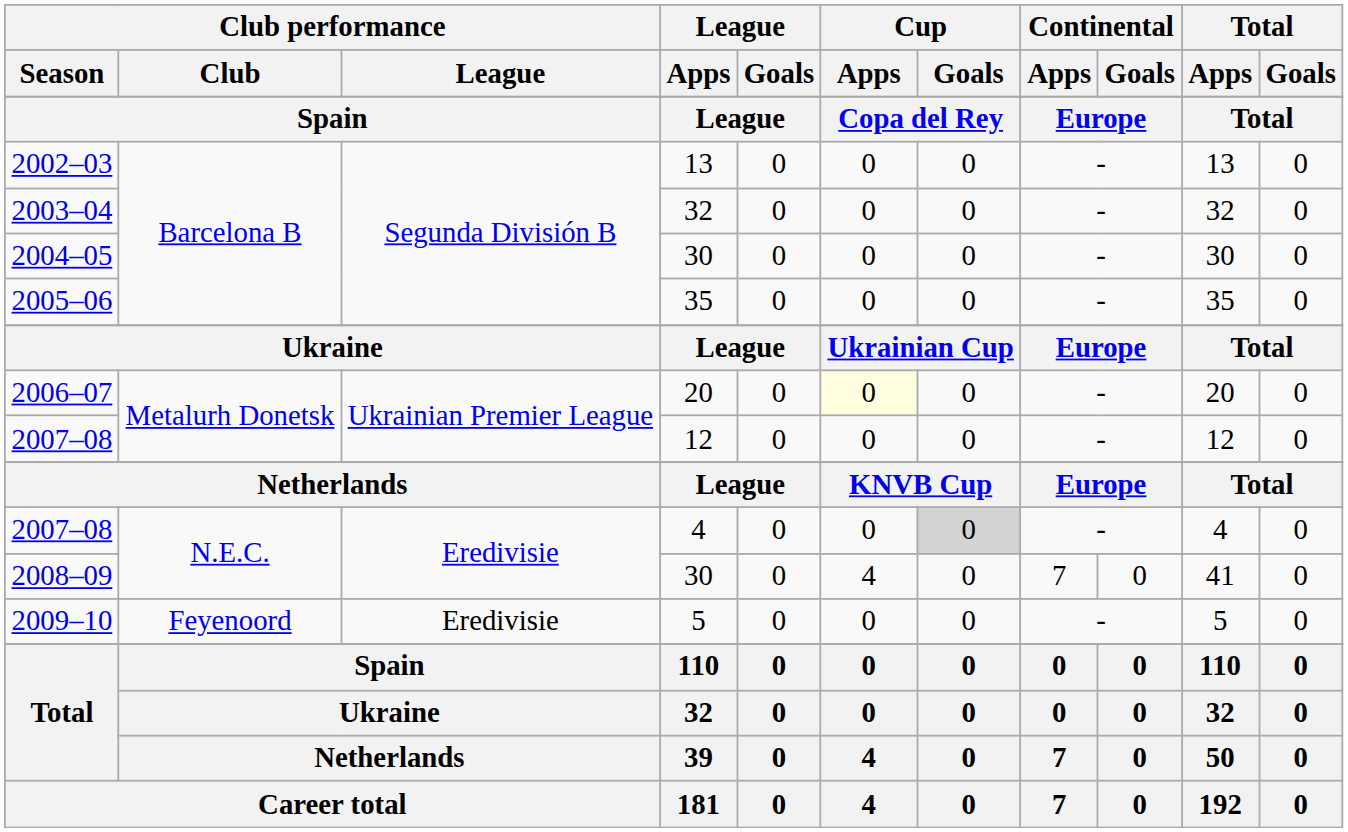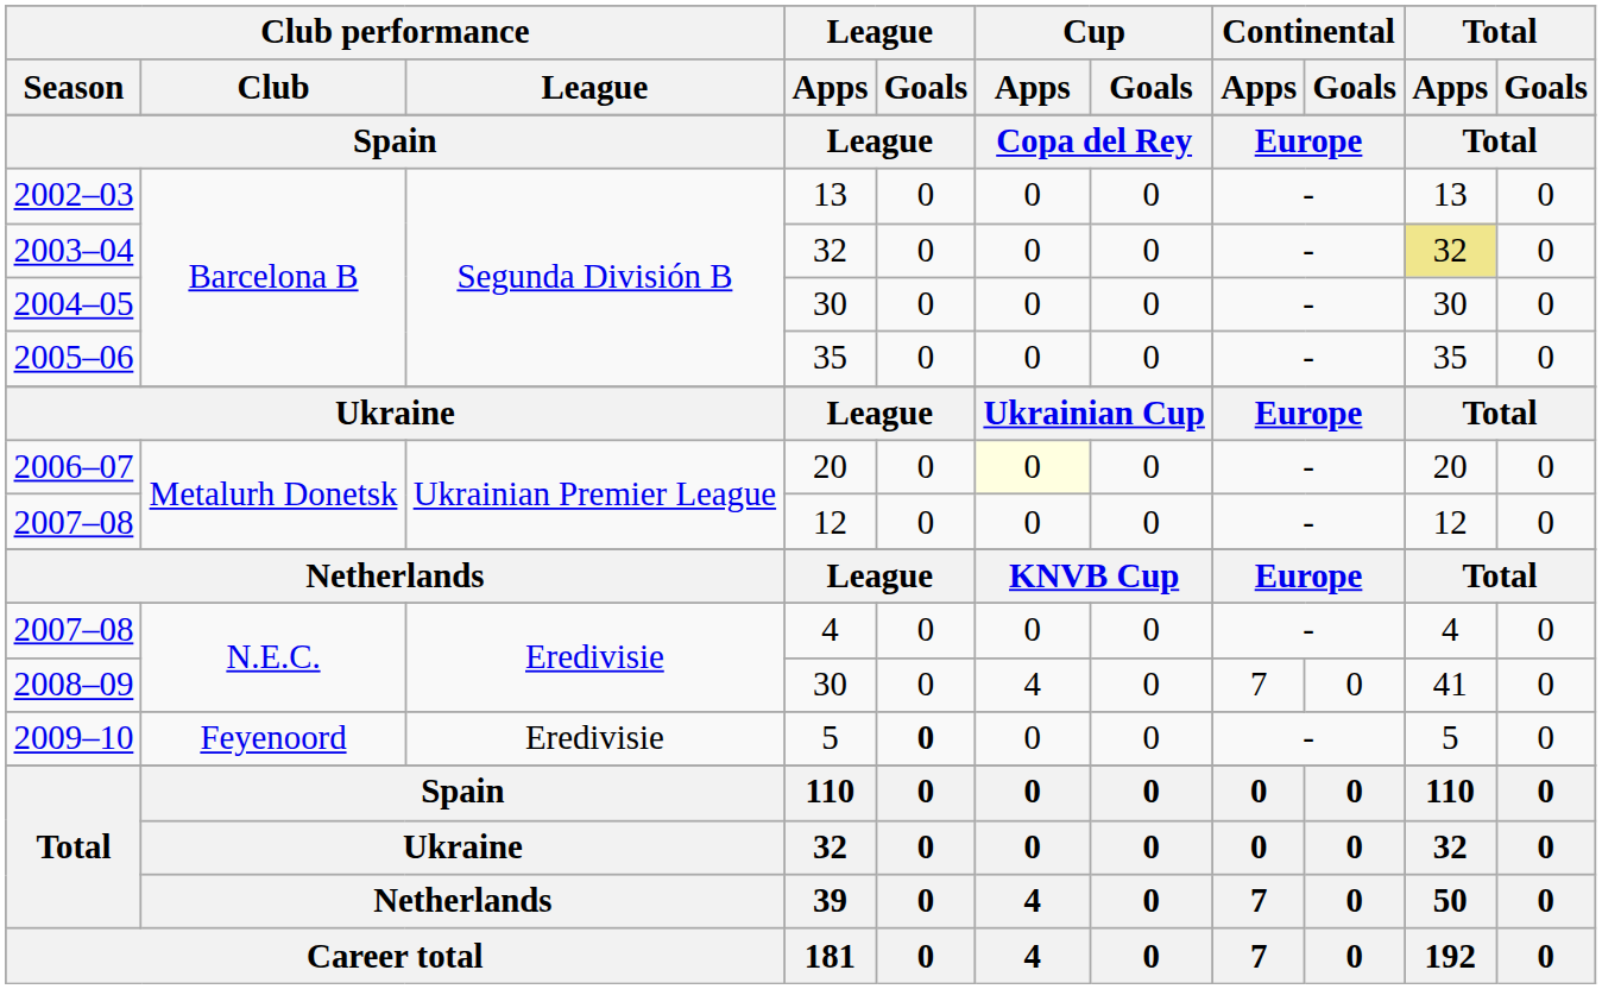 <table class="wikitable" style="text-align:center">
 <tr>
 <th colspan=3>Club performance</th>
 <th colspan=2>League</th>
 <th colspan=2>Cup</th>
 <th colspan=2>Continental</th>
 <th colspan=2>Total</th>
 </tr>
 <tr>
 <th>Season</th>
 <th>Club</th>
 <th>League</th>
 <th>Apps</th>
 <th>Goals</th>
 <th>Apps</th>
 <th>Goals</th>
 <th>Apps</th>
 <th>Goals</th>
 <th>Apps</th>
 <th>Goals</th>
 </tr>
 <tr>
 </tr>
 <tr>
 <th colspan=3>Spain</th>
 <th colspan=2>League</th>
 <th colspan=2><a href='#'>Copa del Rey</a></th>
 <th colspan=2><a href='#'>Europe</a></th>
 <th colspan=2>Total</th>
 </tr>
 <tr>
 <td><a href='#'>2002–03</a></td>
 <td rowspan="4"><a href='#'>Barcelona B</a></td>
 <td rowspan="4"><a href='#'>Segunda División B</a></td>
 <td>13</td>
 <td>0</td>
 <td>0</td>
 <td>0</td>
 <td colspan="2">-</td>
 <td>13</td>
 <td>0</td>
 </tr>
 <tr>
 <td><a href='#'>2003–04</a></td>
 <td>32</td>
 <td>0</td>
 <td>0</td>
 <td>0</td>
 <td colspan="2">-</td>
-<td>32</td>
+<td style="background: khaki;">32</td>
 <td>0</td>
 </tr>
 <tr>
 <td><a href='#'>2004–05</a></td>
 <td>30</td>
 <td>0</td>
 <td>0</td>
 <td>0</td>
 <td colspan="2">-</td>
 <td>30</td>
 <td>0</td>
 </tr>
 <tr>
 <td><a href='#'>2005–06</a></td>
 <td>35</td>
 <td>0</td>
 <td>0</td>
 <td>0</td>
 <td colspan="2">-</td>
 <td>35</td>
 <td>0</td>
 </tr>
 <tr>
 </tr>
 <tr>
 <th colspan=3>Ukraine</th>
 <th colspan=2>League</th>
 <th colspan=2><a href='#'>Ukrainian Cup</a></th>
 <th colspan=2><a href='#'>Europe</a></th>
 <th colspan=2>Total</th>
 </tr>
 <tr>
 <td><a href='#'>2006–07</a></td>
 <td rowspan="2"><a href='#'>Metalurh Donetsk</a></td>
 <td rowspan="2"><a href='#'>Ukrainian Premier League</a></td>
 <td>20</td>
 <td>0</td>
 <td style="background: lightyellow;">0</td>
 <td>0</td>
 <td colspan="2">-</td>
 <td>20</td>
 <td>0</td>
 </tr>
 <tr>
 <td><a href='#'>2007–08</a></td>
 <td>12</td>
 <td>0</td>
 <td>0</td>
 <td>0</td>
 <td colspan="2">-</td>
 <td>12</td>
 <td>0</td>
 </tr>
 <tr>
 </tr>
 <tr>
 <th colspan=3>Netherlands</th>
 <th colspan=2>League</th>
 <th colspan=2><a href='#'>KNVB Cup</a></th>
 <th colspan=2><a href='#'>Europe</a></th>
 <th colspan=2>Total</th>
 </tr>
 <tr>
 <td><a href='#'>2007–08</a></td>
 <td rowspan="2"><a href='#'>N.E.C.</a></td>
 <td rowspan="2"><a href='#'>Eredivisie</a></td>
 <td>4</td>
 <td>0</td>
 <td>0</td>
-<td style="background: lightgrey;">0</td>
+<td>0</td>
 <td colspan="2">-</td>
 <td>4</td>
 <td>0</td>
 </tr>
 <tr>
 <td><a href='#'>2008–09</a></td>
 <td>30</td>
 <td>0</td>
 <td>4</td>
 <td>0</td>
 <td>7</td>
 <td>0</td>
 <td>41</td>
 <td>0</td>
 </tr>
 <tr>
 <td><a href='#'>2009–10</a></td>
 <td rowspan="1"><a href='#'>Feyenoord</a></td>
 <td rowspan="1">Eredivisie</td>
 <td>5</td>
-<td>0</td>
+<td><strong>0</strong></td>
 <td>0</td>
 <td>0</td>
 <td colspan="2">-</td>
 <td>5</td>
 <td>0</td>
 </tr>
 <tr>
 </tr>
 <tr>
 <th rowspan=3>Total</th>
 <th colspan=2>Spain</th>
 <th>110</th>
 <th>0</th>
 <th>0</th>
 <th>0</th>
 <th>0</th>
 <th>0</th>
 <th>110</th>
 <th>0</th>
 </tr>
 <tr>
 <th colspan=2>Ukraine</th>
 <th>32</th>
 <th>0</th>
 <th>0</th>
 <th>0</th>
 <th>0</th>
 <th>0</th>
 <th>32</th>
 <th>0</th>
 </tr>
 <tr>
 <th colspan=2>Netherlands</th>
 <th>39</th>
 <th>0</th>
 <th>4</th>
 <th>0</th>
 <th>7</th>
 <th>0</th>
 <th>50</th>
 <th>0</th>
 </tr>
 <tr>
 <th colspan=3>Career total</th>
 <th>181</th>
 <th>0</th>
 <th>4</th>
 <th>0</th>
 <th>7</th>
 <th>0</th>
 <th>192</th>
 <th>0</th>
 </tr>
 </table>
